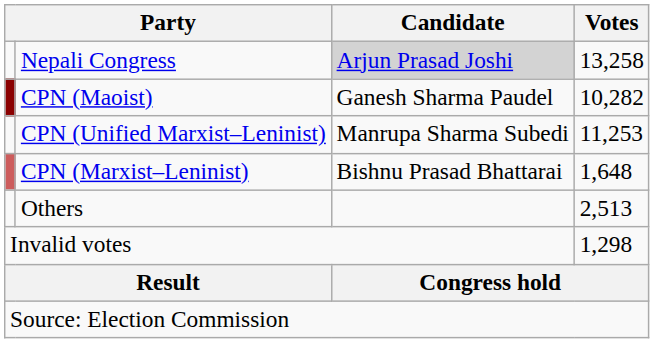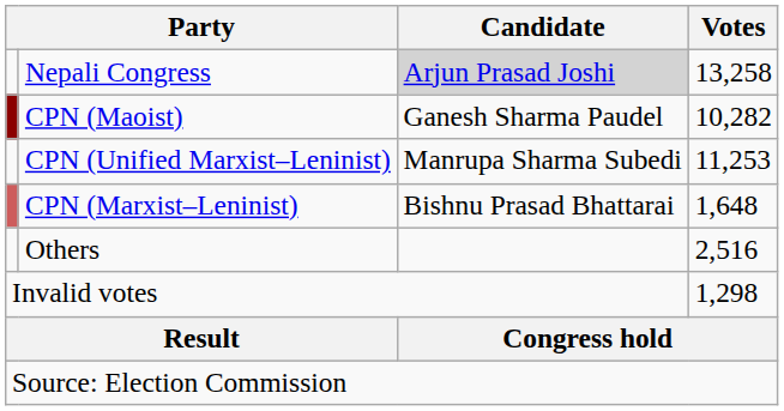 <table class="wikitable">
 <tr>
 <th colspan="2">Party</th>
 <th>Candidate</th>
 <th>Votes</th>
 </tr>
 <tr>
 <td style="background-color:"></td>
 <td><a href='#'>Nepali Congress</a></td>
 <td style="background: lightgrey;"><a href='#'>Arjun Prasad Joshi</a></td>
 <td>13,258</td>
 </tr>
 <tr>
 <td style="background-color:darkred"></td>
 <td><a href='#'>CPN (Maoist)</a></td>
 <td>Ganesh Sharma Paudel</td>
 <td>10,282</td>
 </tr>
 <tr>
 <td style="background-color:"></td>
 <td><a href='#'>CPN (Unified Marxist–Leninist)</a></td>
 <td>Manrupa Sharma Subedi</td>
 <td>11,253</td>
 </tr>
 <tr>
 <td style="background-color:indianred"></td>
 <td><a href='#'>CPN (Marxist–Leninist)</a></td>
 <td>Bishnu Prasad Bhattarai</td>
 <td>1,648</td>
 </tr>
 <tr>
 <td></td>
 <td>Others</td>
 <td></td>
-<td>2,513</td>
+<td>2,516</td>
 </tr>
 <tr>
 <td colspan="3">Invalid votes</td>
 <td>1,298</td>
 </tr>
 <tr>
 <th colspan="2">Result</th>
 <th colspan="2">Congress hold</th>
 </tr>
 <tr>
 <td colspan="4">Source: Election Commission</td>
 </tr>
 </table>
